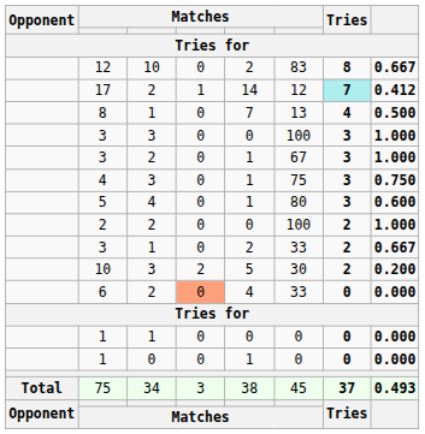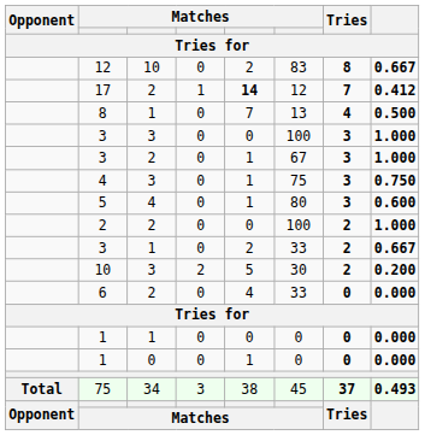 <table class="wikitable">
 <tr>
 <th rowspan=2>Opponent</th>
 <th colspan=5>Matches</th>
 <th rowspan=2>Tries</th>
 <th rowspan=2></th>
 </tr>
 <tr>
 <th width=40px></th>
 <th width=40px></th>
 <th width=40px></th>
 <th width=40px></th>
 <th width=40px></th>
 </tr>
 <tr>
 <th colspan=8>Tries for </th>
 </tr>
 <tr>
 <td></td>
 <td align=center>12</td>
 <td align=center>10</td>
 <td align=center>0</td>
 <td align=center>2</td>
 <td align=center>83</td>
 <td align=center><strong>8</strong></td>
 <td align=center><strong>0.667</strong></td>
 </tr>
 <tr>
 <td></td>
 <td align=center>17</td>
 <td align=center>2</td>
 <td align=center>1</td>
-<td align=center>14</td>
+<td align=center><strong>14</strong></td>
 <td align=center>12</td>
-<td align=center style="background: paleturquoise;"><strong>7</strong></td>
+<td align=center><strong>7</strong></td>
 <td align=center><strong>0.412</strong></td>
 </tr>
 <tr>
 <td></td>
 <td align=center>8</td>
 <td align=center>1</td>
 <td align=center>0</td>
 <td align=center>7</td>
 <td align=center>13</td>
 <td align=center><strong>4</strong></td>
 <td align=center><strong>0.500</strong></td>
 </tr>
 <tr>
 <td></td>
 <td align=center>3</td>
 <td align=center>3</td>
 <td align=center>0</td>
 <td align=center>0</td>
 <td align=center>100</td>
 <td align=center><strong>3</strong></td>
 <td align=center><strong>1.000</strong></td>
 </tr>
 <tr>
 <td></td>
 <td align=center>3</td>
 <td align=center>2</td>
 <td align=center>0</td>
 <td align=center>1</td>
 <td align=center>67</td>
 <td align=center><strong>3</strong></td>
 <td align=center><strong>1.000</strong></td>
 </tr>
 <tr>
 <td></td>
 <td align=center>4</td>
 <td align=center>3</td>
 <td align=center>0</td>
 <td align=center>1</td>
 <td align=center>75</td>
 <td align=center><strong>3</strong></td>
 <td align=center><strong>0.750</strong></td>
 </tr>
 <tr>
 <td></td>
 <td align=center>5</td>
 <td align=center>4</td>
 <td align=center>0</td>
 <td align=center>1</td>
 <td align=center>80</td>
 <td align=center><strong>3</strong></td>
 <td align=center><strong>0.600</strong></td>
 </tr>
 <tr>
 <td></td>
 <td align=center>2</td>
 <td align=center>2</td>
 <td align=center>0</td>
 <td align=center>0</td>
 <td align=center>100</td>
 <td align=center><strong>2</strong></td>
 <td align=center><strong>1.000</strong></td>
 </tr>
 <tr>
 <td></td>
 <td align=center>3</td>
 <td align=center>1</td>
 <td align=center>0</td>
 <td align=center>2</td>
 <td align=center>33</td>
 <td align=center><strong>2</strong></td>
 <td align=center><strong>0.667</strong></td>
 </tr>
 <tr>
 <td></td>
 <td align=center>10</td>
 <td align=center>3</td>
 <td align=center>2</td>
 <td align=center>5</td>
 <td align=center>30</td>
 <td align=center><strong>2</strong></td>
 <td align=center><strong>0.200</strong></td>
 </tr>
 <tr>
 <td></td>
 <td align=center>6</td>
 <td align=center>2</td>
-<td align=center style="background: lightsalmon;">0</td>
+<td align=center>0</td>
 <td align=center>4</td>
 <td align=center>33</td>
 <td align=center><strong>0</strong></td>
 <td align=center><strong>0.000</strong></td>
 </tr>
 <tr>
 <th colspan=8>Tries for </th>
 </tr>
 <tr>
 <td></td>
 <td align=center>1</td>
 <td align=center>1</td>
 <td align=center>0</td>
 <td align=center>0</td>
 <td align=center>0</td>
 <td align=center><strong>0</strong></td>
 <td align=center><strong>0.000</strong></td>
 </tr>
 <tr>
 <td></td>
 <td align=center>1</td>
 <td align=center>0</td>
 <td align=center>0</td>
 <td align=center>1</td>
 <td align=center>0</td>
 <td align=center><strong>0</strong></td>
 <td align=center><strong>0.000</strong></td>
 </tr>
 <tr>
 <th colspan=8></th>
 </tr>
 <tr>
 <th>Total</th>
 <td align=center bgcolor=#EEFFEE>75</td>
 <td align=center bgcolor=#EEFFEE>34</td>
 <td align=center bgcolor=#EEFFEE>3</td>
 <td align=center bgcolor=#EEFFEE>38</td>
 <td align=center bgcolor=#EEFFEE>45</td>
 <td align=center bgcolor=#EEFFEE><strong>37</strong></td>
 <td align=center bgcolor=#EEFFEE><strong>0.493</strong></td>
 </tr>
 <tr>
 <th rowspan=2>Opponent</th>
 <th></th>
 <th></th>
 <th></th>
 <th></th>
 <th></th>
 <th rowspan=2>Tries</th>
 <th rowspan=2></th>
 </tr>
 <tr>
 <th colspan=5>Matches</th>
 </tr>
 </table>
